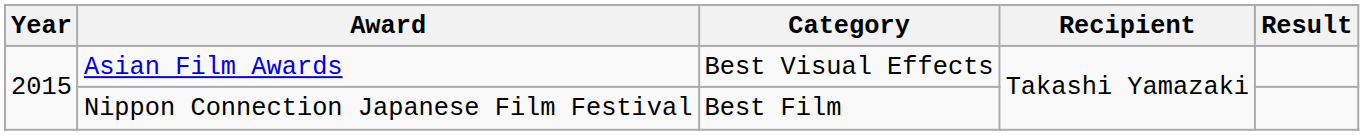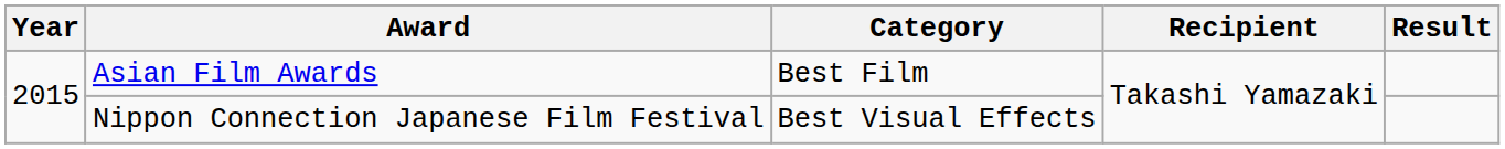 <table class="wikitable plainrowheaders sortable">
 <tr>
 <th scope="col">Year</th>
 <th scope="col">Award</th>
 <th scope="col">Category</th>
 <th scope="col">Recipient</th>
 <th scope="col">Result</th>
 </tr>
 <tr>
 <td rowspan="2">2015</td>
 <td><a href='#'>Asian Film Awards</a></td>
-<td>Best Visual Effects</td>
+<td>Best Film</td>
 <td rowspan="2">Takashi Yamazaki</td>
 <td></td>
 </tr>
 <tr>
 <td>Nippon Connection Japanese Film Festival</td>
-<td>Best Film</td>
+<td>Best Visual Effects</td>
 <td></td>
 </tr>
 </table>
